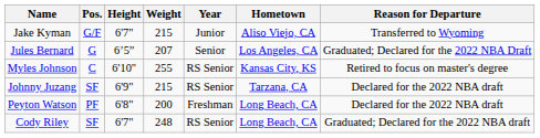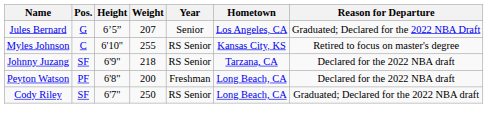 <table class="wikitable sortable sortable" style="text-align: center">
 <tr align=center>
 <th>Name</th>
 <th>Pos.</th>
 <th>Height</th>
 <th>Weight</th>
 <th>Year</th>
 <th>Hometown</th>
 <th>Reason for Departure</th>
-</tr>
-<tr>
-<td>Jake Kyman</td>
-<td><a href='#'>G/F</a></td>
-<td>6'7"</td>
-<td>215</td>
-<td>Junior</td>
-<td><a href='#'>Aliso Viejo, CA</a></td>
-<td>Transferred to <a href='#'>Wyoming</a></td>
 </tr>
 <tr>
 <td><a href='#'>Jules Bernard</a></td>
 <td><a href='#'>G</a></td>
 <td>6’5”</td>
 <td>207</td>
 <td>Senior</td>
 <td><a href='#'>Los Angeles, CA</a></td>
 <td>Graduated; Declared for the <a href='#'>2022 NBA Draft</a></td>
 </tr>
 <tr>
 <td><a href='#'>Myles Johnson</a></td>
 <td><a href='#'>C</a></td>
 <td>6'10"</td>
 <td>255</td>
 <td>RS Senior</td>
 <td><a href='#'>Kansas City, KS</a></td>
 <td>Retired to focus on master's degree</td>
 </tr>
 <tr>
 <td><a href='#'>Johnny Juzang</a></td>
 <td><a href='#'>SF</a></td>
 <td>6'9"</td>
-<td>215</td>
+<td>218</td>
 <td>RS Senior</td>
 <td><a href='#'>Tarzana, CA</a></td>
 <td>Declared for the 2022 NBA draft</td>
 </tr>
 <tr>
 <td><a href='#'>Peyton Watson</a></td>
 <td><a href='#'>PF</a></td>
 <td>6'8"</td>
 <td>200</td>
 <td>Freshman</td>
 <td><a href='#'>Long Beach, CA</a></td>
 <td>Declared for the 2022 NBA draft</td>
 </tr>
 <tr>
 <td><a href='#'>Cody Riley</a></td>
 <td><a href='#'>SF</a></td>
 <td>6'7"</td>
-<td>248</td>
+<td>250</td>
 <td>RS Senior</td>
 <td><a href='#'>Long Beach, CA</a></td>
 <td>Graduated; Declared for the 2022 NBA draft</td>
 </tr>
 </table>
